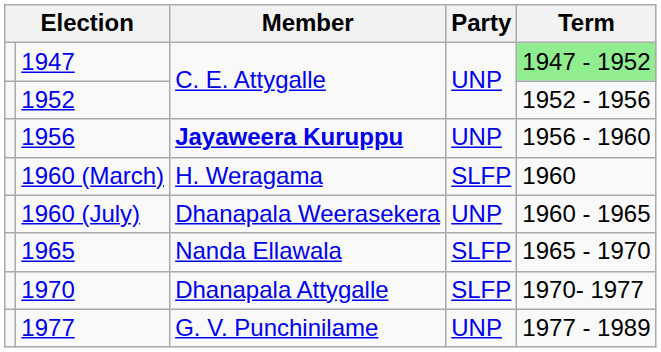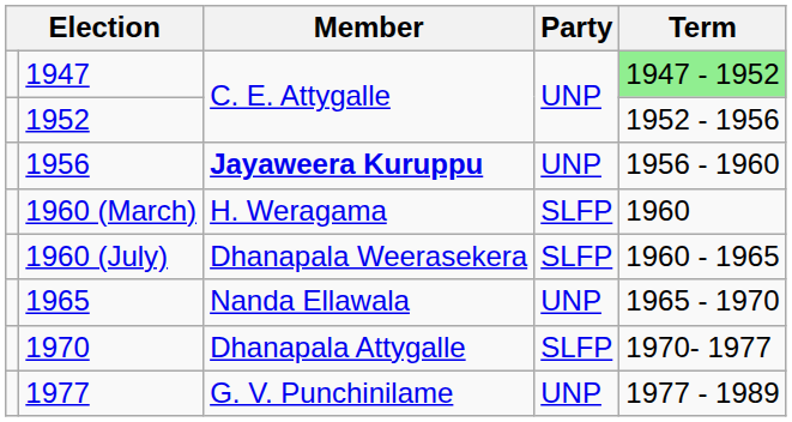 <table class="wikitable">
 <tr>
 <th colspan="2">Election</th>
 <th>Member</th>
 <th>Party</th>
 <th>Term</th>
 </tr>
 <tr>
 <td style="background-color: "></td>
 <td><a href='#'>1947</a></td>
 <td rowspan=2><a href='#'>C. E. Attygalle</a></td>
 <td rowspan=2><a href='#'>UNP</a></td>
 <td style="background: lightgreen;">1947 - 1952</td>
 </tr>
 <tr>
 <td style="background-color: "></td>
 <td><a href='#'>1952</a></td>
 <td>1952 - 1956</td>
 </tr>
 <tr>
 <td style="background-color: "></td>
 <td><a href='#'>1956</a></td>
 <td><strong><a href='#'>Jayaweera Kuruppu</a></strong></td>
 <td><a href='#'>UNP</a></td>
 <td>1956 - 1960</td>
 </tr>
 <tr>
 <td style="background-color: "></td>
 <td><a href='#'>1960 (March)</a></td>
 <td><a href='#'>H. Weragama</a></td>
 <td><a href='#'>SLFP</a></td>
 <td>1960</td>
 </tr>
 <tr>
 <td style="background-color: "></td>
 <td><a href='#'>1960 (July)</a></td>
 <td><a href='#'>Dhanapala Weerasekera</a></td>
-<td><a href='#'>UNP</a></td>
+<td><a href='#'>SLFP</a></td>
 <td>1960 - 1965</td>
 </tr>
 <tr>
 <td style="background-color: "></td>
 <td><a href='#'>1965</a></td>
 <td><a href='#'>Nanda Ellawala</a></td>
-<td><a href='#'>SLFP</a></td>
+<td><a href='#'>UNP</a></td>
 <td>1965 - 1970</td>
 </tr>
 <tr>
 <td style="background-color: "></td>
 <td><a href='#'>1970</a></td>
 <td><a href='#'>Dhanapala Attygalle</a></td>
 <td><a href='#'>SLFP</a></td>
 <td>1970- 1977</td>
 </tr>
 <tr>
 <td style="background-color: "></td>
 <td><a href='#'>1977</a></td>
 <td><a href='#'>G. V. Punchinilame</a></td>
 <td><a href='#'>UNP</a></td>
 <td>1977 - 1989</td>
 </tr>
 </table>
